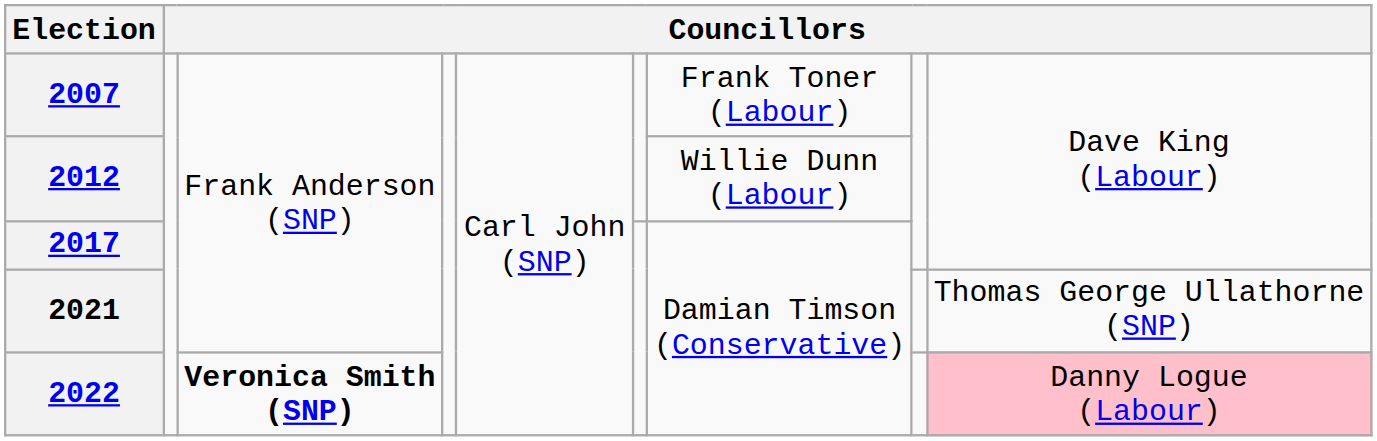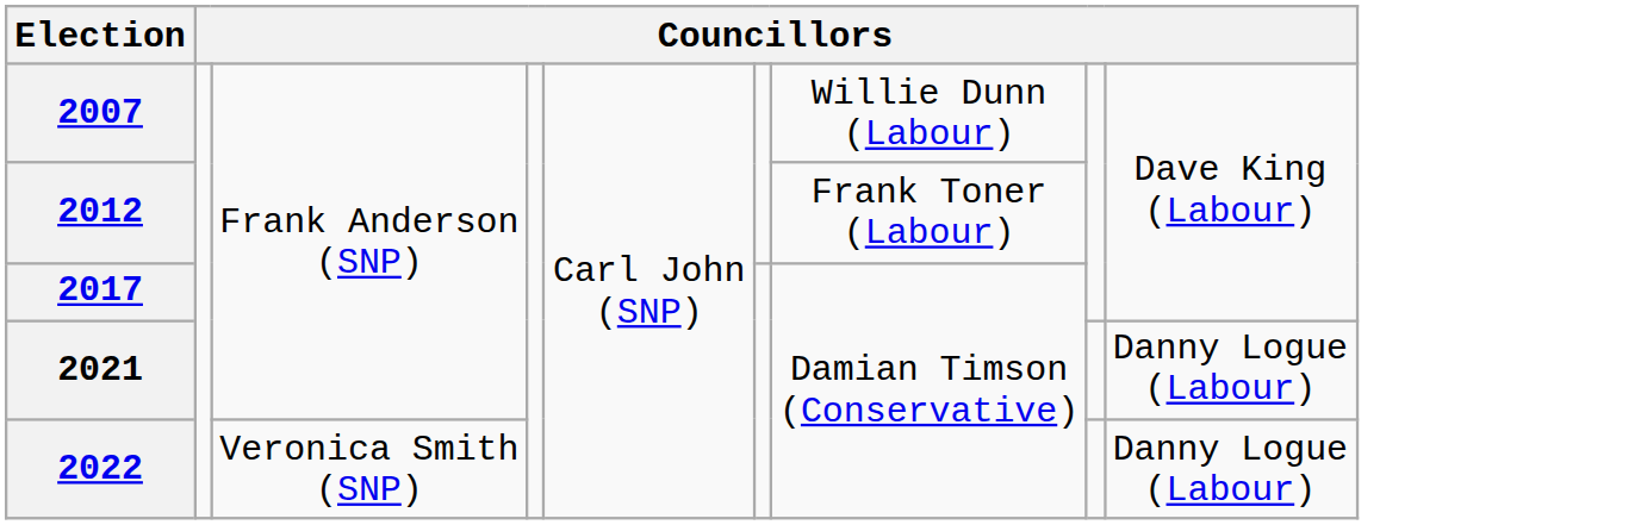 <table class="wikitable" style="text-align:center">
 <tr>
 <th>Election</th>
 <th colspan=8>Councillors</th>
 </tr>
 <tr>
 <th><a href='#'>2007</a></th>
 <td rowspan=5; style="background-color: "></td>
 <td rowspan=4>Frank Anderson<br>(<a href='#'>SNP</a>)</td>
 <td rowspan=5; style="background-color: "></td>
 <td rowspan=5>Carl John<br>(<a href='#'>SNP</a>)</td>
 <td rowspan=2; style="background-color: "></td>
-<td rowspan=1>Frank Toner<br>(<a href='#'>Labour</a>)</td>
+<td rowspan=1>Willie Dunn<br>(<a href='#'>Labour</a>)</td>
 <td rowspan=3; style="background-color: "></td>
 <td rowspan=3>Dave King<br>(<a href='#'>Labour</a>)</td>
 </tr>
 <tr>
 <th><a href='#'>2012</a></th>
-<td rowspan=1>Willie Dunn<br>(<a href='#'>Labour</a>)</td>
+<td rowspan=1>Frank Toner<br>(<a href='#'>Labour</a>)</td>
 </tr>
 <tr>
 <th><a href='#'>2017</a></th>
 <td rowspan=3; style="background-color: "></td>
 <td rowspan=3>Damian Timson<br>(<a href='#'>Conservative</a>)</td>
 </tr>
 <tr>
 <th>2021</th>
 <td rowspan=1; style="background-color: "></td>
-<td rowspan=1>Thomas George Ullathorne<br>(<a href='#'>SNP</a>)</td>
+<td rowspan=1>Danny Logue<br>(<a href='#'>Labour</a>)</td>
 </tr>
 <tr>
 <th><a href='#'>2022</a></th>
-<td rowspan=1><strong>Veronica Smith<br>(<a href='#'>SNP</a>)</strong></td>
+<td rowspan=1>Veronica Smith<br>(<a href='#'>SNP</a>)</td>
 <td rowspan=1; style="background-color: "></td>
-<td rowspan=1 style="background: pink;">Danny Logue<br>(<a href='#'>Labour</a>)</td>
+<td rowspan=1>Danny Logue<br>(<a href='#'>Labour</a>)</td>
 </tr>
 </table>
